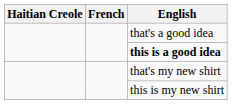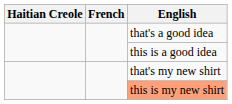 <table class="wikitable">
 <tr>
 <th scope="col">Haitian Creole</th>
 <th scope="col">French</th>
 <th scope="col">English</th>
 </tr>
 <tr>
 <td rowspan="2"></td>
 <td rowspan="2"></td>
 <td>that's a good idea</td>
 </tr>
 <tr>
-<td><strong>this is a good idea</strong></td>
+<td>this is a good idea</td>
 </tr>
 <tr>
 <td rowspan="2"></td>
 <td rowspan="2"></td>
 <td>that's my new shirt</td>
 </tr>
 <tr>
-<td>this is my new shirt</td>
+<td style="background: lightsalmon;">this is my new shirt</td>
 </tr>
 </table>
